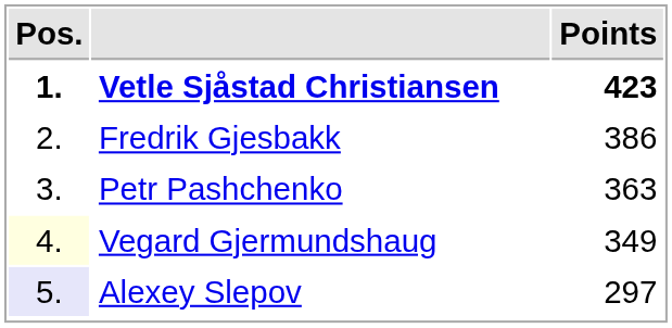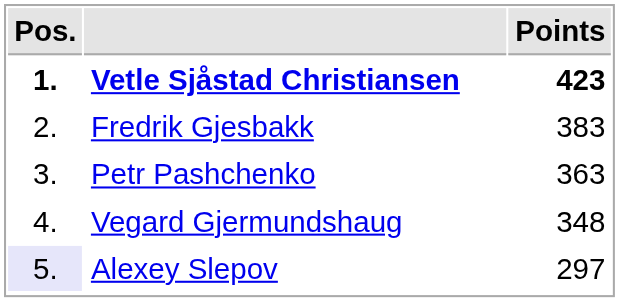 <table cellspacing="1" cellpadding="3" style="border:1px solid #AAAAAA;font-size:90%">
 <tr bgcolor="#E4E4E4">
 <th style="border-bottom:1px solid #AAAAAA" width=10>Pos.</th>
 <th style="border-bottom:1px solid #AAAAAA" width=200></th>
 <th style="border-bottom:1px solid #AAAAAA" width=20>Points</th>
 </tr>
 <tr>
 <td align="center"><strong>1.</strong></td>
 <td> <strong><a href='#'>Vetle Sjåstad Christiansen</a></strong></td>
 <td align="right"><strong>423</strong></td>
 </tr>
 <tr>
 <td align="center">2.</td>
 <td> <a href='#'>Fredrik Gjesbakk</a></td>
-<td align="right">386</td>
+<td align="right">383</td>
 </tr>
 <tr>
 <td align="center">3.</td>
 <td> <a href='#'>Petr Pashchenko</a></td>
 <td align="right">363</td>
 </tr>
 <tr>
-<td align="center" style="background: lightyellow;">4.</td>
+<td align="center">4.</td>
 <td> <a href='#'>Vegard Gjermundshaug</a></td>
-<td align="right">349</td>
+<td align="right">348</td>
 </tr>
 <tr>
 <td align="center" style="background: lavender;">5.</td>
 <td> <a href='#'>Alexey Slepov</a></td>
 <td align="right">297</td>
 </tr>
 <tr>
 </tr>
 </table>
